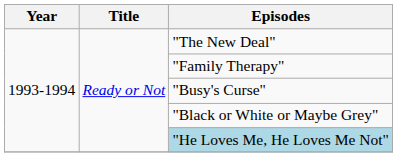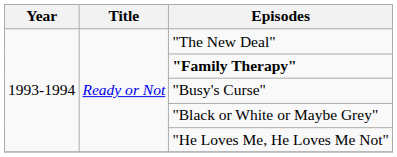 <table class="wikitable">
 <tr>
 <th>Year</th>
 <th>Title</th>
 <th>Episodes</th>
 </tr>
 <tr>
 <td rowspan=5>1993-1994</td>
 <td rowspan=5><em><a href='#'>Ready or Not</a></em></td>
 <td>"The New Deal"</td>
 </tr>
 <tr>
-<td>"Family Therapy"</td>
+<td><strong>"Family Therapy"</strong></td>
 </tr>
 <tr>
 <td>"Busy's Curse"</td>
 </tr>
 <tr>
 <td>"Black or White or Maybe Grey"</td>
 </tr>
 <tr>
-<td style="background: lightblue;">"He Loves Me, He Loves Me Not"</td>
+<td>"He Loves Me, He Loves Me Not"</td>
 </tr>
 <tr>
 </tr>
 </table>
